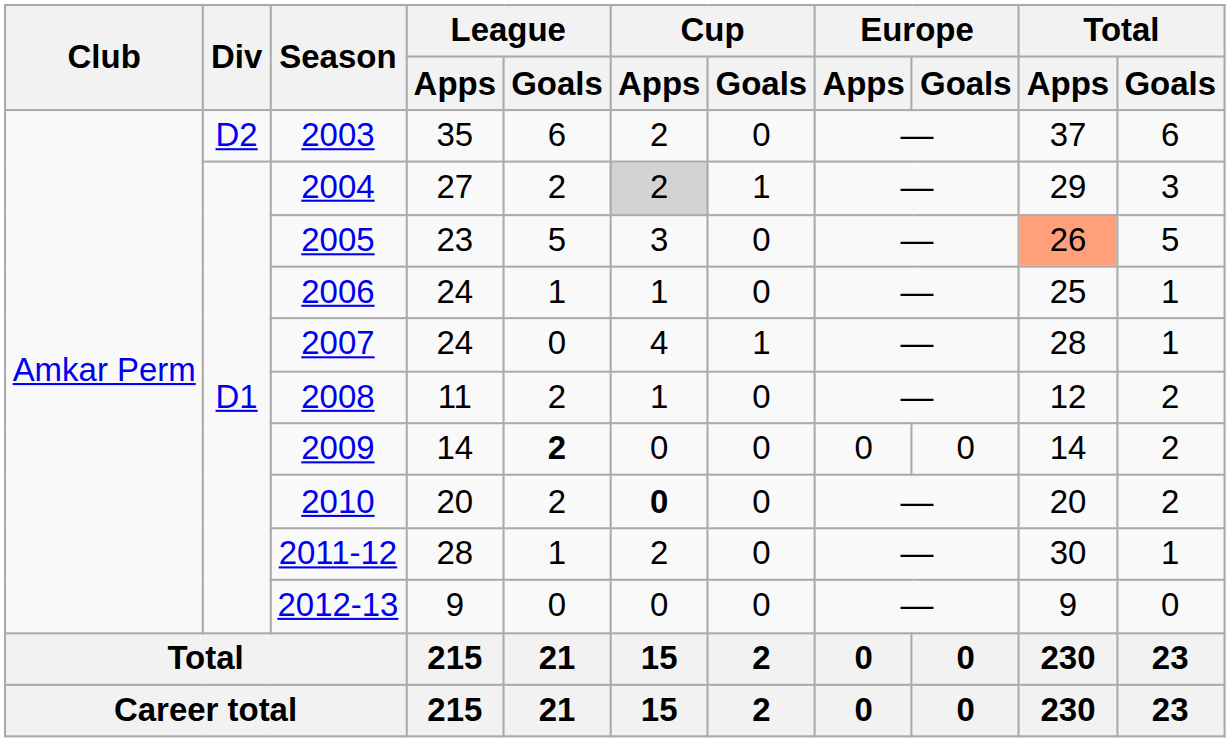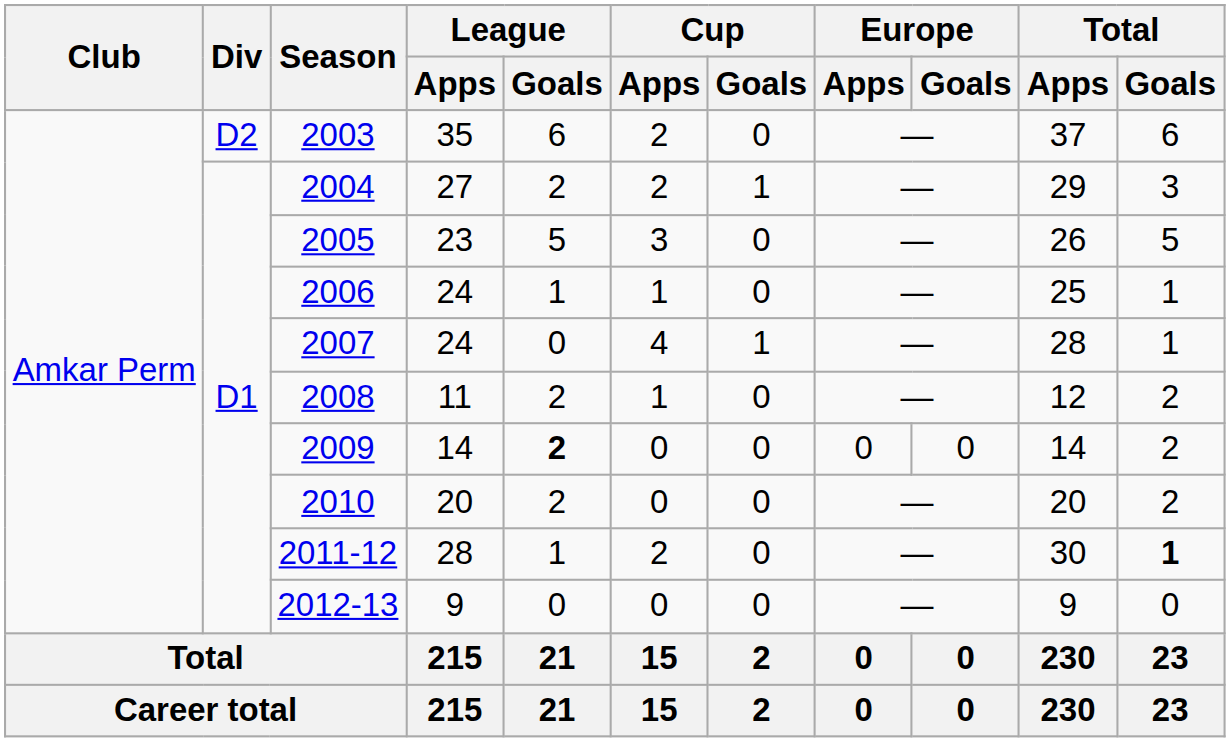 <table class="wikitable" style="text-align: center;">
 <tr>
 <th rowspan="2">Club</th>
 <th rowspan="2">Div</th>
 <th rowspan="2">Season</th>
 <th colspan="2">League</th>
 <th colspan="2">Cup</th>
 <th colspan="2">Europe</th>
 <th colspan="2">Total</th>
 </tr>
 <tr>
 <th>Apps</th>
 <th>Goals</th>
 <th>Apps</th>
 <th>Goals</th>
 <th>Apps</th>
 <th>Goals</th>
 <th>Apps</th>
 <th>Goals</th>
 </tr>
 <tr>
 <td rowspan="10" valign="center"> <a href='#'>Amkar Perm</a></td>
 <td rowspan="1"><a href='#'>D2</a></td>
 <td><a href='#'>2003</a></td>
 <td>35</td>
 <td>6</td>
 <td>2</td>
 <td>0</td>
 <td colspan="2">—</td>
 <td>37</td>
 <td>6</td>
 </tr>
 <tr>
 <td rowspan="9"><a href='#'>D1</a></td>
 <td><a href='#'>2004</a></td>
 <td>27</td>
 <td>2</td>
-<td style="background: lightgrey;">2</td>
+<td>2</td>
 <td>1</td>
 <td colspan="2">—</td>
 <td>29</td>
 <td>3</td>
 </tr>
 <tr>
 <td><a href='#'>2005</a></td>
 <td>23</td>
 <td>5</td>
 <td>3</td>
 <td>0</td>
 <td colspan="2">—</td>
-<td style="background: lightsalmon;">26</td>
+<td>26</td>
 <td>5</td>
 </tr>
 <tr>
 <td><a href='#'>2006</a></td>
 <td>24</td>
 <td>1</td>
 <td>1</td>
 <td>0</td>
 <td colspan="2">—</td>
 <td>25</td>
 <td>1</td>
 </tr>
 <tr>
 <td><a href='#'>2007</a></td>
 <td>24</td>
 <td>0</td>
 <td>4</td>
 <td>1</td>
 <td colspan="2">—</td>
 <td>28</td>
 <td>1</td>
 </tr>
 <tr>
 <td><a href='#'>2008</a></td>
 <td>11</td>
 <td>2</td>
 <td>1</td>
 <td>0</td>
 <td colspan="2">—</td>
 <td>12</td>
 <td>2</td>
 </tr>
 <tr>
 <td><a href='#'>2009</a></td>
 <td>14</td>
 <td><strong>2</strong></td>
 <td>0</td>
 <td>0</td>
 <td>0</td>
 <td>0</td>
 <td>14</td>
 <td>2</td>
 </tr>
 <tr>
 <td><a href='#'>2010</a></td>
 <td>20</td>
 <td>2</td>
-<td><strong>0</strong></td>
+<td>0</td>
 <td>0</td>
 <td colspan="2">—</td>
 <td>20</td>
 <td>2</td>
 </tr>
 <tr>
 <td><a href='#'>2011-12</a></td>
 <td>28</td>
 <td>1</td>
 <td>2</td>
 <td>0</td>
 <td colspan="2">—</td>
 <td>30</td>
-<td>1</td>
+<td><strong>1</strong></td>
 </tr>
 <tr>
 <td><a href='#'>2012-13</a></td>
 <td>9</td>
 <td>0</td>
 <td>0</td>
 <td>0</td>
 <td colspan="2">—</td>
 <td>9</td>
 <td>0</td>
 </tr>
 <tr>
 <th colspan="3">Total</th>
 <th>215</th>
 <th>21</th>
 <th>15</th>
 <th>2</th>
 <th>0</th>
 <th>0</th>
 <th>230</th>
 <th>23</th>
 </tr>
 <tr>
 <th colspan="3">Career total</th>
 <th>215</th>
 <th>21</th>
 <th>15</th>
 <th>2</th>
 <th>0</th>
 <th>0</th>
 <th>230</th>
 <th>23</th>
 </tr>
 </table>
